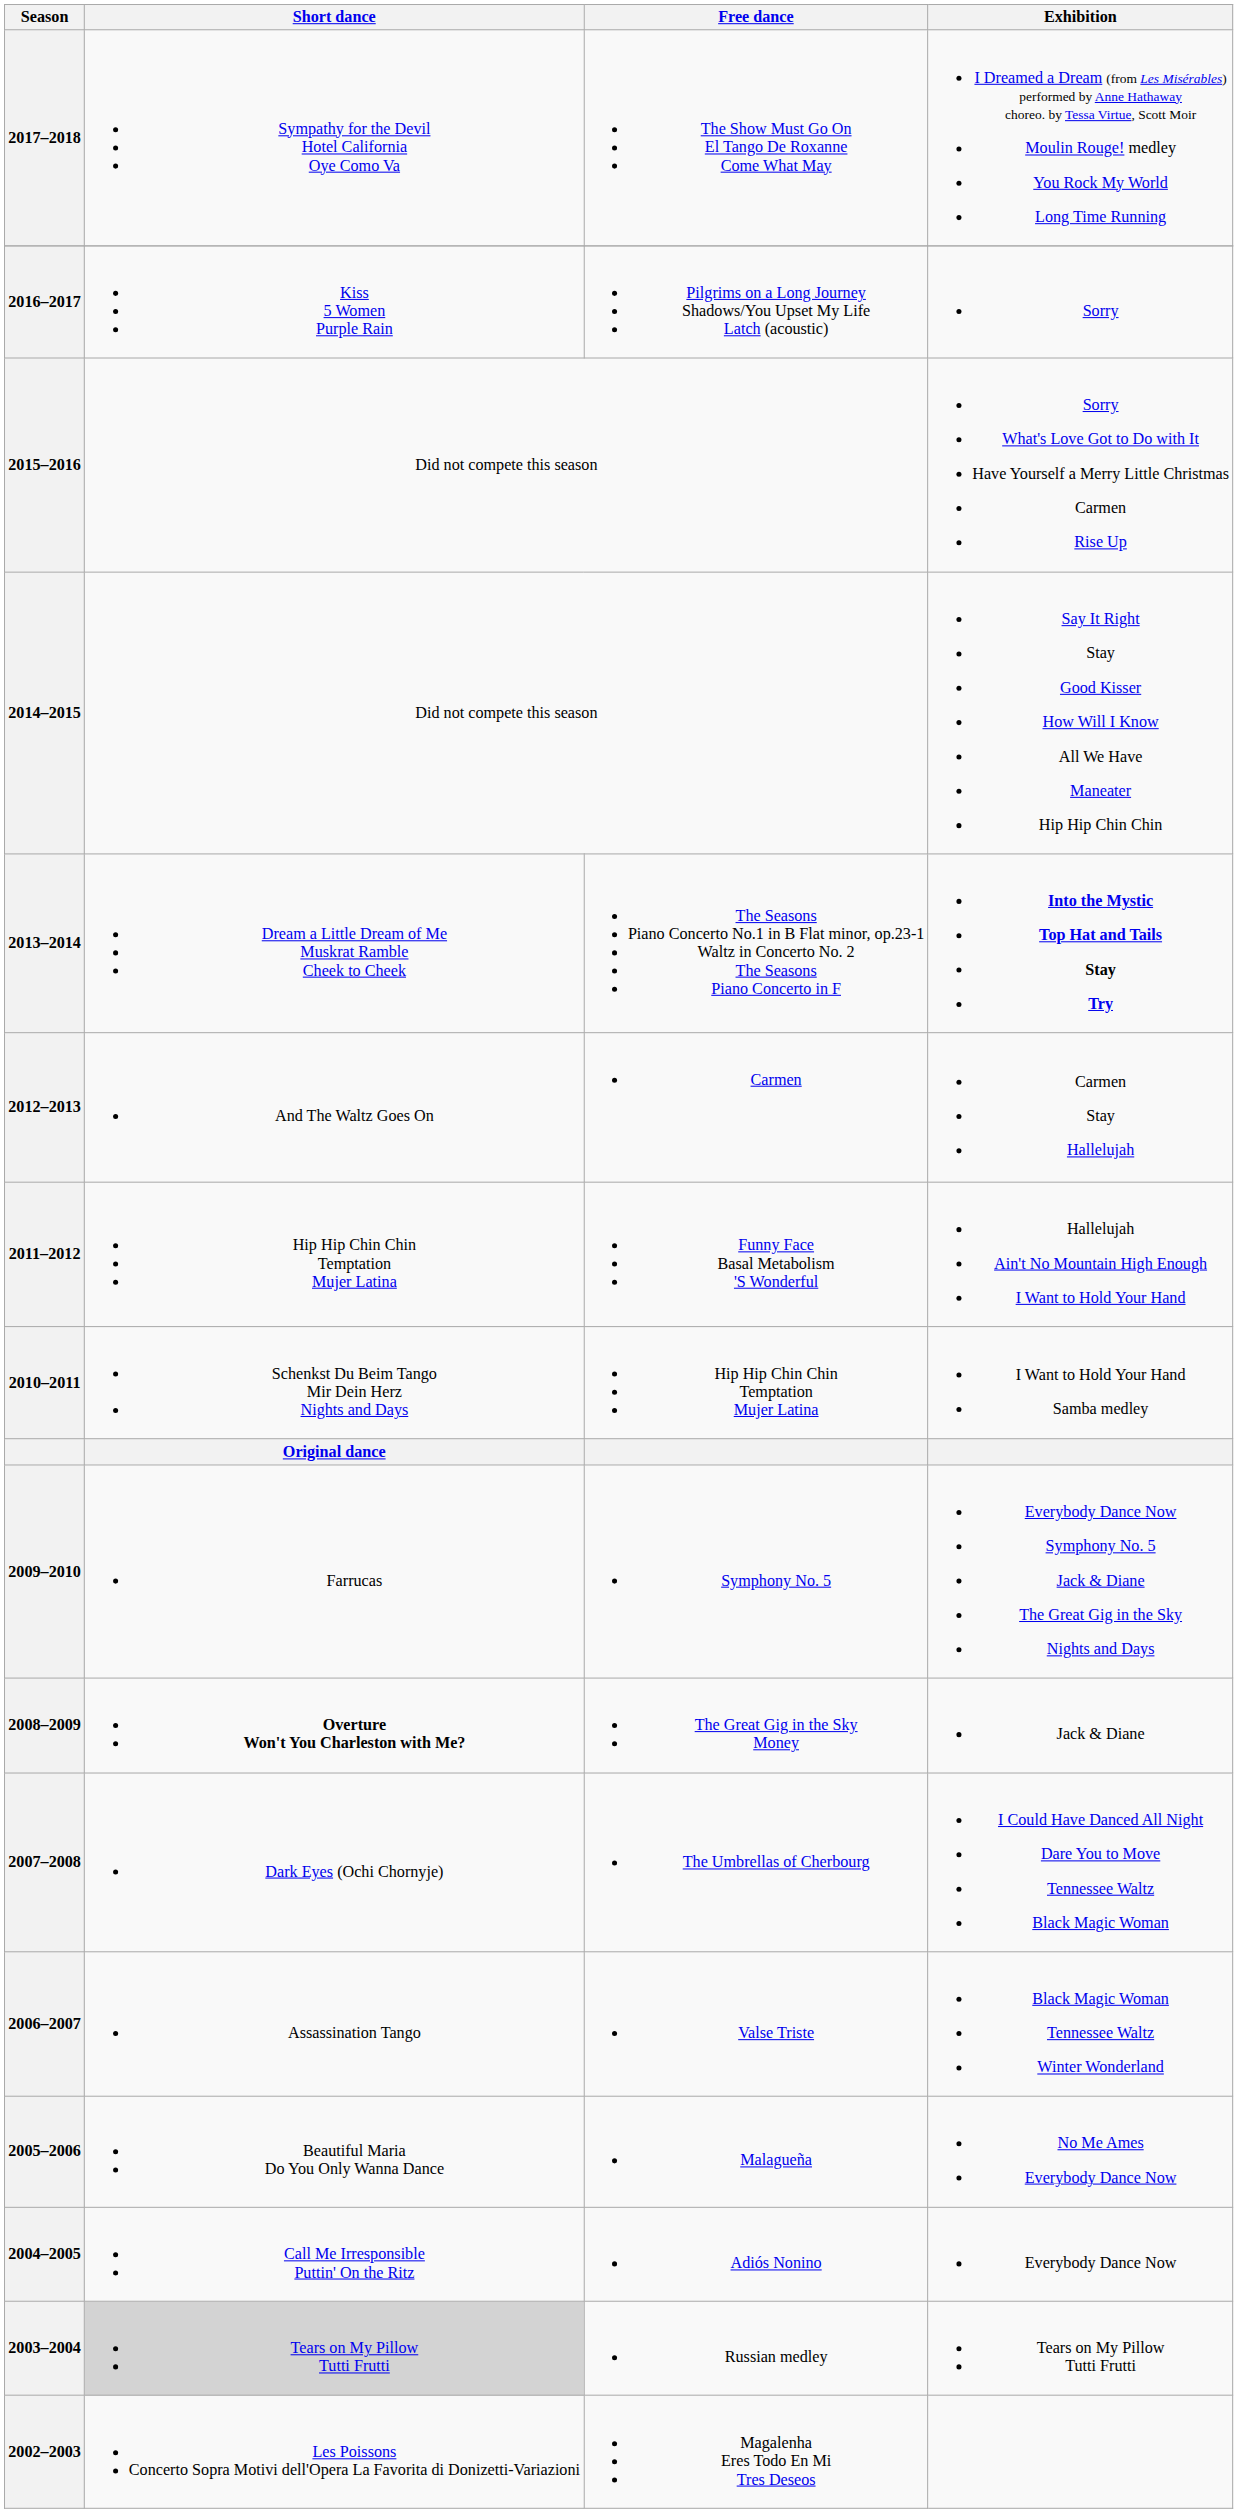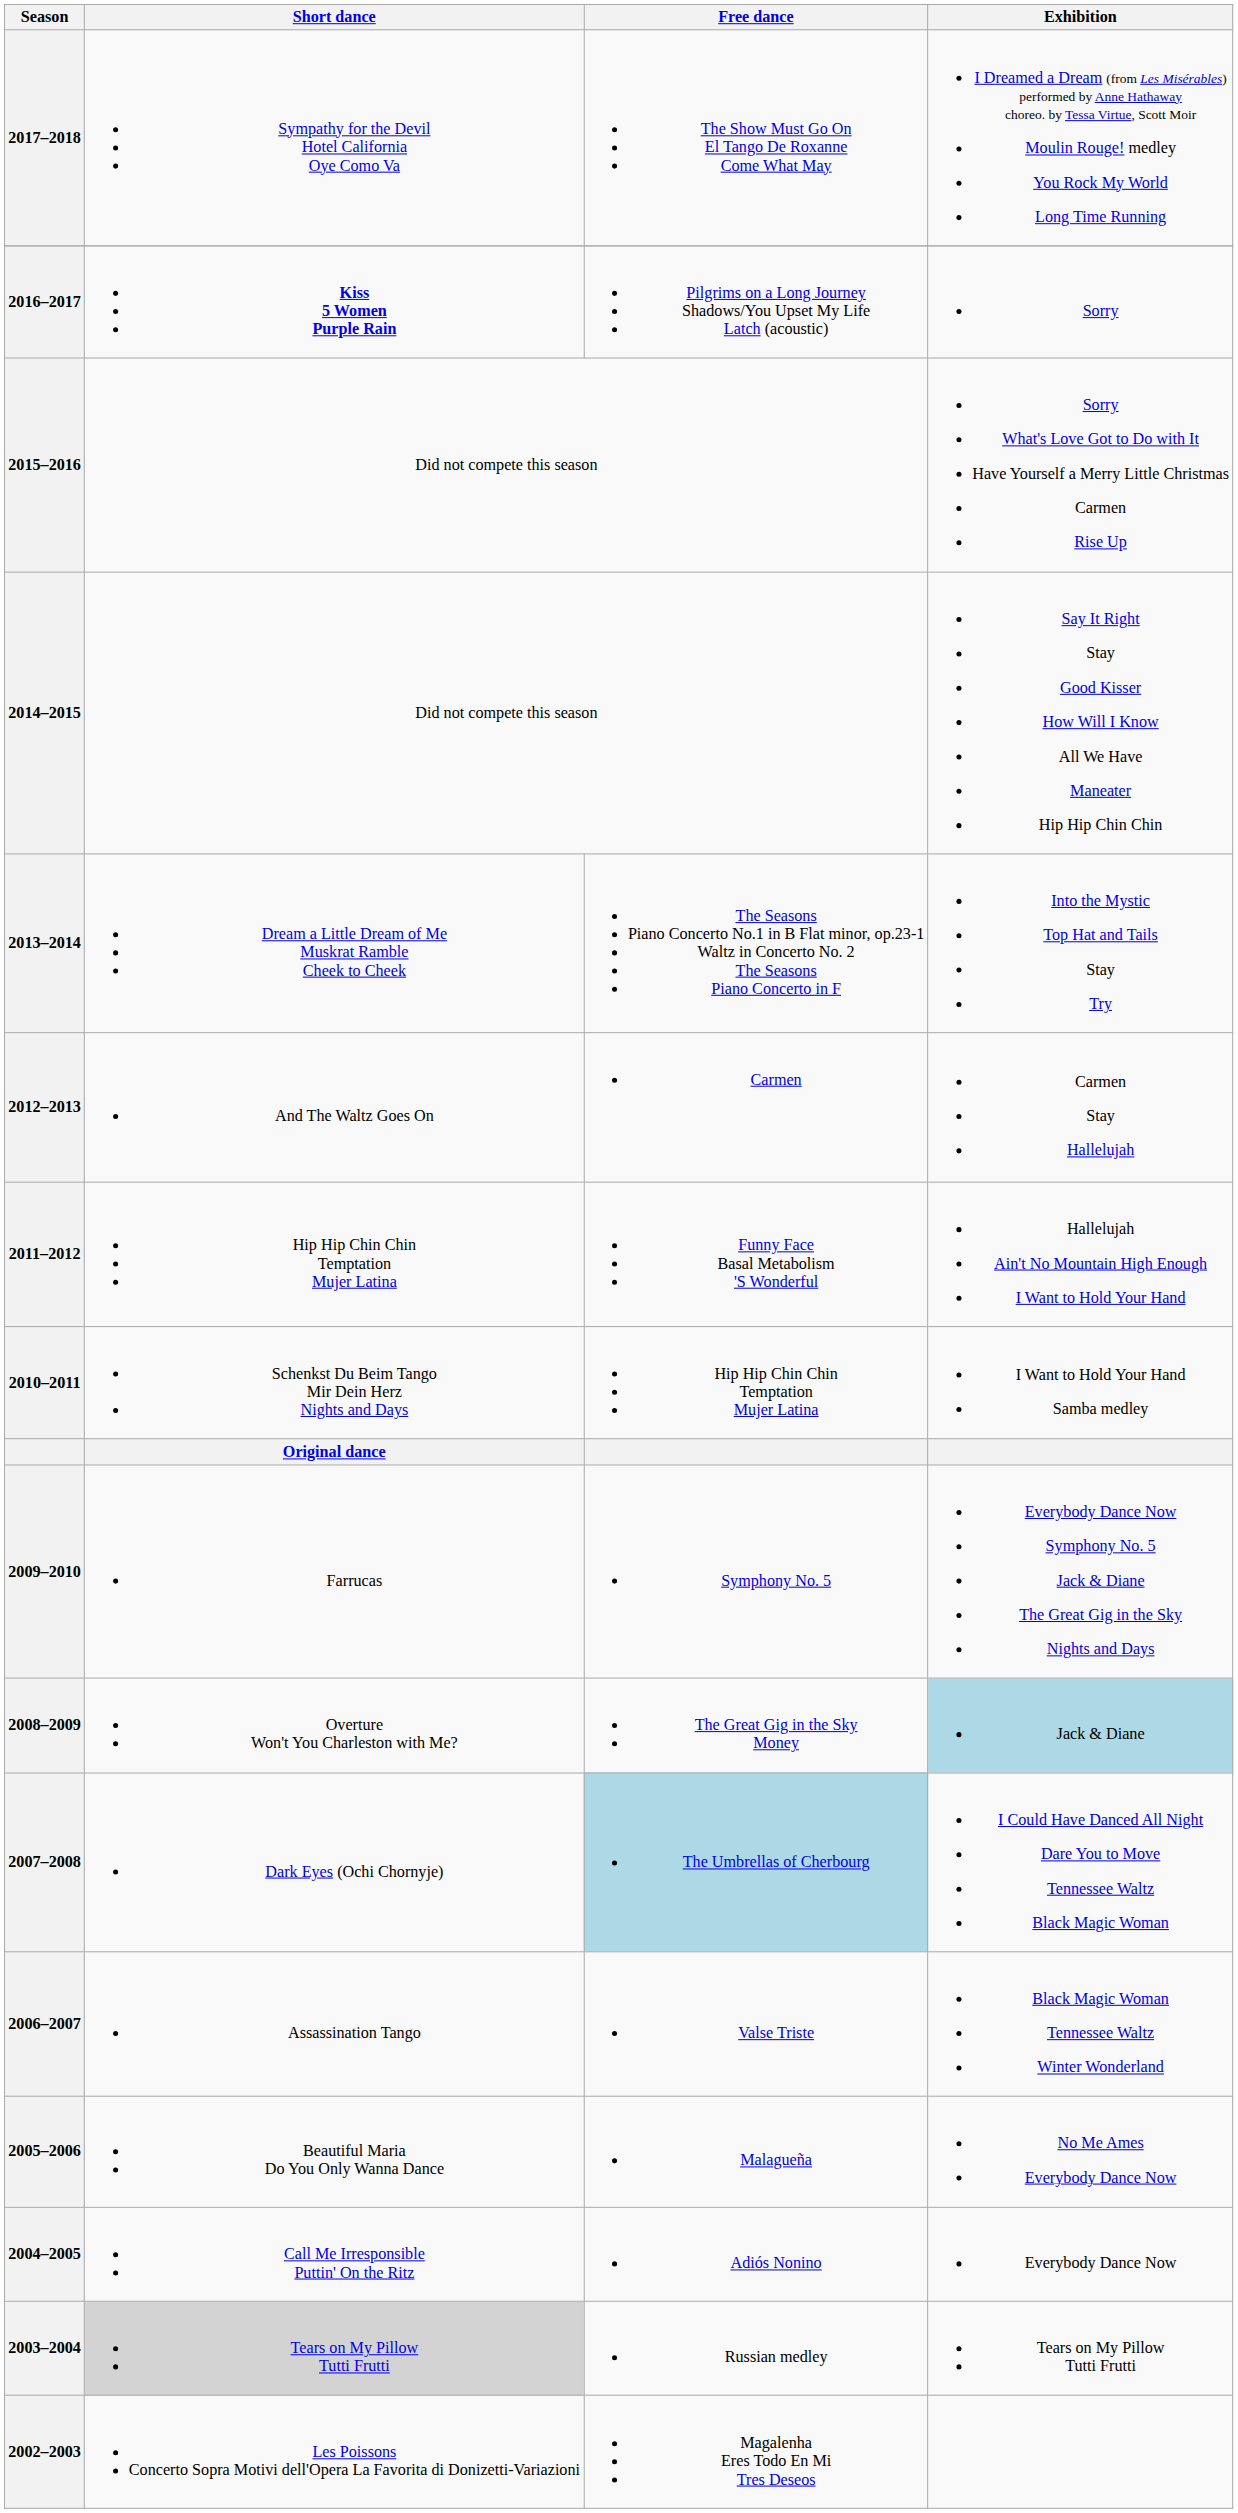 <table class="wikitable" style="text-align:center">
 <tr>
 <th>Season</th>
 <th><a href='#'>Short dance</a></th>
 <th><a href='#'>Free dance</a></th>
 <th>Exhibition</th>
 </tr>
 <tr>
 <th>2017–2018 <br></th>
 <td><br><ul><li> <a href='#'>Sympathy for the Devil</a> <br></li><li> <a href='#'>Hotel California</a> <br></li><li> <a href='#'>Oye Como Va</a><br></li></ul></td>
 <td><br><ul><li><a href='#'>The Show Must Go On</a></li><li><a href='#'>El Tango De Roxanne</a></li><li><a href='#'>Come What May</a> <br></li></ul></td>
 <td><br><ul><li><a href='#'>I Dreamed a Dream</a> <small>(from <em><a href='#'>Les Misérables</a></em>) <br>performed by <a href='#'>Anne Hathaway</a> <br> choreo. by <a href='#'>Tessa Virtue</a>, Scott Moir</small></li></ul><ul><li><a href='#'>Moulin Rouge!</a> medley</li></ul><ul><li><a href='#'>You Rock My World</a> <br></li></ul><ul><li><a href='#'>Long Time Running</a> <br></li></ul></td>
 </tr>
 <tr>
 </tr>
 <tr>
 <th>2016–2017 <br></th>
-<td><br><ul><li> <a href='#'>Kiss</a> <br></li><li> <a href='#'>5 Women</a> <br></li><li> <a href='#'>Purple Rain</a> <br></li></ul></td>
+<td><strong><br><ul><li> <a href='#'>Kiss</a> <br></li><li> <a href='#'>5 Women</a> <br></li><li> <a href='#'>Purple Rain</a> <br></li></ul></strong></td>
 <td><br><ul><li><a href='#'>Pilgrims on a Long Journey</a> <br></li><li>Shadows/You Upset My Life<br></li><li><a href='#'>Latch</a> (acoustic) <br></li></ul></td>
 <td><br><ul><li><a href='#'>Sorry</a> <br></li></ul></td>
 </tr>
 <tr>
 <th>2015–2016</th>
 <td align=centre colspan=2>Did not compete this season</td>
 <td><br><ul><li><a href='#'>Sorry</a> <br></li></ul><ul><li><a href='#'>What's Love Got to Do with It</a> <br></li></ul><ul><li>Have Yourself a Merry Little Christmas</li></ul><ul><li>Carmen <br></li></ul><ul><li><a href='#'>Rise Up</a> <br></li></ul></td>
 </tr>
 <tr>
 <th>2014–2015</th>
 <td align=centre colspan=2>Did not compete this season</td>
 <td><br><ul><li><a href='#'>Say It Right</a> <br></li></ul><ul><li>Stay <br></li></ul><ul><li><a href='#'>Good Kisser</a> <br></li></ul><ul><li><a href='#'>How Will I Know</a> <br></li></ul><ul><li>All We Have</li></ul><ul><li><a href='#'>Maneater</a></li></ul><ul><li>Hip Hip Chin Chin <br></li></ul></td>
 </tr>
 <tr>
 <th>2013–2014 <br> </th>
 <td><br><ul><li> <a href='#'>Dream a Little Dream of Me</a> <br></li><li> <a href='#'>Muskrat Ramble</a> <br></li><li> <a href='#'>Cheek to Cheek</a> <br></li></ul></td>
 <td><br><ul><li><a href='#'>The Seasons</a> </li><li>Piano Concerto No.1 in B Flat minor, op.23-1 </li><li>Waltz in Concerto No. 2 </li><li><a href='#'>The Seasons</a> </li><li><a href='#'>Piano Concerto in F</a><br></li></ul></td>
-<td><strong><br><ul><li><a href='#'>Into the Mystic</a> <br></li></ul><ul><li><a href='#'>Top Hat and Tails</a> <br></li></ul><ul><li>Stay <br></li></ul><ul><li><a href='#'>Try</a> <br></li></ul></strong></td>
+<td><br><ul><li><a href='#'>Into the Mystic</a> <br></li></ul><ul><li><a href='#'>Top Hat and Tails</a> <br></li></ul><ul><li>Stay <br></li></ul><ul><li><a href='#'>Try</a> <br></li></ul></td>
 </tr>
 <tr>
 <th>2012–2013 <br> </th>
 <td><br><ul><li>And The Waltz Goes On </li></ul></td>
 <td><br><ul><li><a href='#'>Carmen</a> <br> <br> <br> <br> <br></li></ul></td>
 <td><br><ul><li>Carmen<br></li></ul><ul><li>Stay <br></li></ul><ul><li><a href='#'>Hallelujah</a> <br></li></ul></td>
 </tr>
 <tr>
 <th>2011–2012 <br> </th>
 <td><br><ul><li> Hip Hip Chin Chin <br></li><li> Temptation <br></li><li> <a href='#'>Mujer Latina</a> <br></li></ul></td>
 <td><br><ul><li><a href='#'>Funny Face</a> <br></li><li>Basal Metabolism <br></li><li><a href='#'>'S Wonderful</a> <br></li></ul></td>
 <td><br><ul><li>Hallelujah <br></li></ul><ul><li><a href='#'>Ain't No Mountain High Enough</a> <br></li></ul><ul><li><a href='#'>I Want to Hold Your Hand</a> <br></li></ul></td>
 </tr>
 <tr>
 <th>2010–2011 <br> </th>
 <td><br><ul><li> Schenkst Du Beim Tango<br> Mir Dein Herz <br></li><li> <a href='#'>Nights and Days</a> <br></li></ul></td>
 <td><br><ul><li>Hip Hip Chin Chin <br></li><li>Temptation <br></li><li><a href='#'>Mujer Latina</a> <br></li></ul></td>
 <td><br><ul><li>I Want to Hold Your Hand <br></li></ul><ul><li>Samba medley</li></ul></td>
 </tr>
 <tr>
 <th></th>
 <th><a href='#'>Original dance</a></th>
 <th></th>
 <th></th>
 </tr>
 <tr>
 <th>2009–2010 <br> </th>
 <td><br><ul><li>Farrucas <br></li></ul></td>
 <td><br><ul><li><a href='#'>Symphony No. 5</a> <br></li></ul></td>
 <td><br><ul><li><a href='#'>Everybody Dance Now</a> <br></li></ul><ul><li><a href='#'>Symphony No. 5</a> <br></li></ul><ul><li><a href='#'>Jack & Diane</a> <br></li></ul><ul><li><a href='#'>The Great Gig in the Sky</a> <br></li></ul><ul><li><a href='#'>Nights and Days</a> <br></li></ul></td>
 </tr>
 <tr>
 <th>2008–2009 <br> </th>
-<td><strong><br><ul><li>Overture</li><li>Won't You Charleston with Me? <br></li></ul></strong></td>
+<td><br><ul><li>Overture</li><li>Won't You Charleston with Me? <br></li></ul></td>
 <td><br><ul><li><a href='#'>The Great Gig in the Sky</a></li><li><a href='#'>Money</a> <br></li></ul></td>
-<td><br><ul><li>Jack & Diane <br></li></ul></td>
+<td style="background: lightblue;"><br><ul><li>Jack & Diane <br></li></ul></td>
 </tr>
 <tr>
 <th>2007–2008 <br> </th>
 <td><br><ul><li><a href='#'>Dark Eyes</a> (Ochi Chornyje) <br></li></ul></td>
-<td><br><ul><li><a href='#'>The Umbrellas of Cherbourg</a> <br><br></li></ul></td>
+<td style="background: lightblue;"><br><ul><li><a href='#'>The Umbrellas of Cherbourg</a> <br><br></li></ul></td>
 <td><br><ul><li><a href='#'>I Could Have Danced All Night</a> <br></li></ul><ul><li><a href='#'>Dare You to Move</a> <br></li></ul><ul><li><a href='#'>Tennessee Waltz</a> <br></li></ul><ul><li><a href='#'>Black Magic Woman</a> <br></li></ul></td>
 </tr>
 <tr>
 <th>2006–2007 <br> </th>
 <td><br><ul><li>Assassination Tango <br></li></ul></td>
 <td><br><ul><li><a href='#'>Valse Triste</a> <br></li></ul></td>
 <td><br><ul><li><a href='#'>Black Magic Woman</a> <br></li></ul><ul><li><a href='#'>Tennessee Waltz</a> <br></li></ul><ul><li><a href='#'>Winter Wonderland</a></li></ul></td>
 </tr>
 <tr>
 <th>2005–2006 <br> </th>
 <td><br><ul><li>Beautiful Maria <br></li><li>Do You Only Wanna Dance <br></li></ul></td>
 <td><br><ul><li><a href='#'>Malagueña</a> <br></li></ul></td>
 <td><br><ul><li><a href='#'>No Me Ames</a> <br></li></ul><ul><li><a href='#'>Everybody Dance Now</a> <br></li></ul></td>
 </tr>
 <tr>
 <th>2004–2005 <br> </th>
 <td><br><ul><li><a href='#'>Call Me Irresponsible</a> <br></li><li><a href='#'>Puttin' On the Ritz</a></li></ul></td>
 <td><br><ul><li><a href='#'>Adiós Nonino</a> <br></li></ul></td>
 <td><br><ul><li>Everybody Dance Now <br></li></ul></td>
 </tr>
 <tr>
 <th>2003–2004 <br> </th>
 <td style="background: lightgrey;"><br><ul><li><a href='#'>Tears on My Pillow</a> <br></li><li><a href='#'>Tutti Frutti</a> <br></li></ul></td>
 <td><br><ul><li>Russian medley <br> </li></ul></td>
 <td><br><ul><li>Tears on My Pillow <br></li><li>Tutti Frutti <br></li></ul></td>
 </tr>
 <tr>
 <th>2002–2003</th>
 <td><br><ul><li><a href='#'>Les Poissons</a></li><li>Concerto Sopra Motivi dell'Opera La Favorita di Donizetti-Variazioni <br></li></ul></td>
 <td><br><ul><li>Magalenha <br></li><li>Eres Todo En Mi <br></li><li><a href='#'>Tres Deseos</a> <br></li></ul></td>
 <td></td>
 </tr>
 </table>
